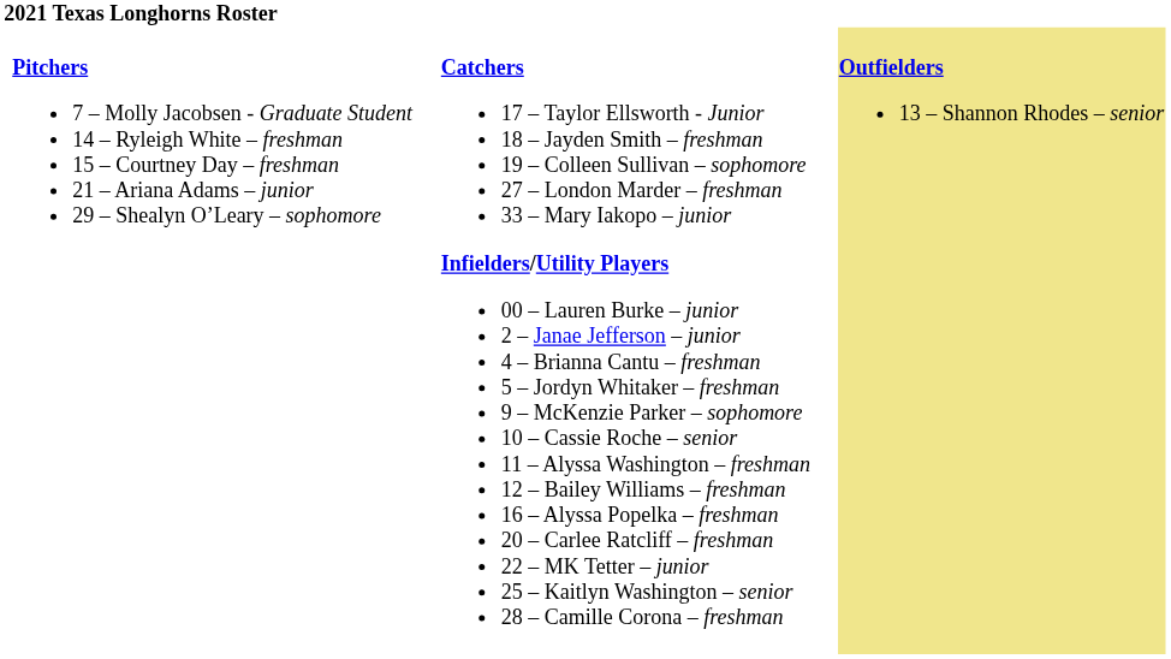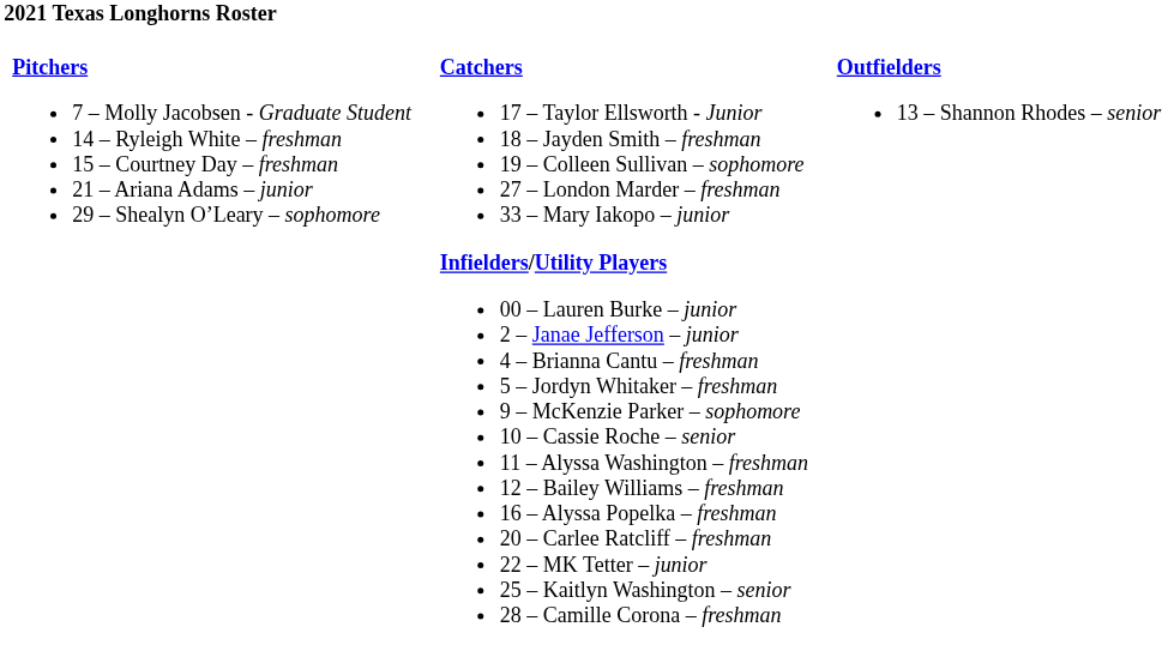 <table class="toccolours" style="border-collapse:collapse; font-size:90%;">
 <tr>
 <td colspan="7"><strong>2021 Texas Longhorns Roster</strong></td>
 </tr>
 <tr>
 <td width="03"> </td>
 <td valign="top"><br><strong><a href='#'>Pitchers</a></strong><ul><li>7 – Molly Jacobsen - <em>Graduate Student</em></li><li>14 – Ryleigh White – <em>freshman</em></li><li>15 – Courtney Day – <em>freshman</em></li><li>21 – Ariana Adams – <em>junior</em></li><li>29 – Shealyn O’Leary – <em>sophomore</em></li></ul></td>
 <td width="15"> </td>
 <td valign="top"><br><strong><a href='#'>Catchers</a></strong><ul><li>17 – Taylor Ellsworth - <em> Junior</em></li><li>18 – Jayden Smith – <em>freshman</em></li><li>19 – Colleen Sullivan  – <em>sophomore</em></li><li>27 – London Marder – <em>freshman</em></li><li>33 – Mary Iakopo – <em>junior</em></li></ul><strong><a href='#'>Infielders</a>/<a href='#'>Utility Players</a></strong><ul><li>00 – Lauren Burke – <em>junior</em></li><li>2 – <a href='#'>Janae Jefferson</a> – <em>junior</em></li><li>4 – Brianna Cantu – <em>freshman</em></li><li>5 – Jordyn Whitaker – <em>freshman</em></li><li>9 – McKenzie Parker – <em>sophomore</em></li><li>10 – Cassie Roche – <em>senior</em></li><li>11 – Alyssa Washington – <em>freshman</em></li><li>12 – Bailey Williams – <em>freshman</em></li><li>16 – Alyssa Popelka – <em>freshman</em></li><li>20 – Carlee Ratcliff – <em>freshman</em></li><li>22 – MK Tetter – <em>junior</em></li><li>25 – Kaitlyn Washington – <em>senior</em></li><li>28 – Camille Corona  – <em>freshman</em></li></ul></td>
 <td width="15"> </td>
-<td valign="top" style="background: khaki;"><br><strong><a href='#'>Outfielders</a></strong><ul><li>13 – Shannon Rhodes – <em>senior</em></li></ul></td>
+<td valign="top"><br><strong><a href='#'>Outfielders</a></strong><ul><li>13 – Shannon Rhodes – <em>senior</em></li></ul></td>
 <td width="25"> </td>
 </tr>
 </table>
